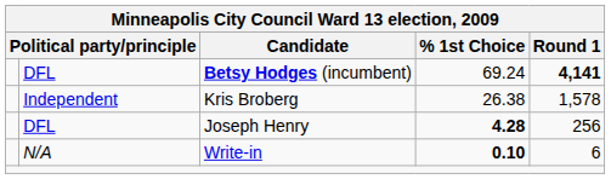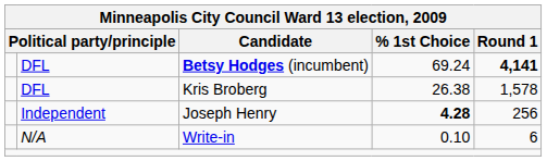 <table class="wikitable" style="font-size:95%">
 <tr>
 <th colspan="5">Minneapolis City Council Ward 13 election, 2009</th>
 </tr>
 <tr>
 <th colspan="2">Political party/principle</th>
 <th>Candidate</th>
 <th>% 1st Choice</th>
 <th>Round 1</th>
 </tr>
 <tr>
 <td style="background-color:"></td>
 <td><a href='#'>DFL</a></td>
 <td><strong><a href='#'>Betsy Hodges</a></strong> (incumbent)</td>
 <td align="right">69.24</td>
 <td align="right"><strong>4,141</strong></td>
 </tr>
 <tr>
 <td style="background-color:"></td>
-<td><a href='#'>Independent</a></td>
+<td><a href='#'>DFL</a></td>
 <td>Kris Broberg</td>
 <td align="right">26.38</td>
 <td align="right">1,578</td>
 </tr>
 <tr>
 <td style="background-color:"></td>
-<td><a href='#'>DFL</a></td>
+<td><a href='#'>Independent</a></td>
 <td>Joseph Henry</td>
 <td align="right"><strong>4.28</strong></td>
 <td align="right">256</td>
 </tr>
 <tr>
 <td style="background-color:"></td>
 <td><em>N/A</em></td>
 <td><a href='#'>Write-in</a></td>
-<td align="right"><strong>0.10</strong></td>
+<td align="right">0.10</td>
 <td align="right">6</td>
 </tr>
 <tr>
 <td colspan="5"></td>
 </tr>
 </table>
